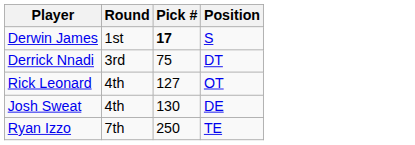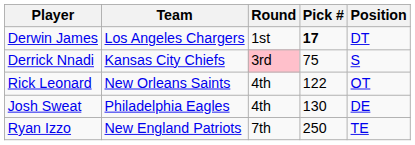 <table class="wikitable">
 <tr>
 <th>Player</th>
+<th>Team</th>
 <th>Round</th>
 <th>Pick #</th>
 <th>Position</th>
 </tr>
 <tr>
 <td><a href='#'>Derwin James</a></td>
+<td><a href='#'>Los Angeles Chargers</a></td>
 <td>1st</td>
 <td><strong>17</strong></td>
+<td><a href='#'>DT</a></td>
+</tr>
+<tr>
+<td><a href='#'>Derrick Nnadi</a></td>
+<td><a href='#'>Kansas City Chiefs</a></td>
+<td style="background: pink;">3rd</td>
+<td>75</td>
 <td><a href='#'>S</a></td>
 </tr>
 <tr>
-<td><a href='#'>Derrick Nnadi</a></td>
-<td>3rd</td>
-<td>75</td>
-<td><a href='#'>DT</a></td>
-</tr>
-<tr>
 <td><a href='#'>Rick Leonard</a></td>
+<td><a href='#'>New Orleans Saints</a></td>
 <td>4th</td>
-<td>127</td>
+<td>122</td>
 <td><a href='#'>OT</a></td>
 </tr>
 <tr>
 <td><a href='#'>Josh Sweat</a></td>
+<td><a href='#'>Philadelphia Eagles</a></td>
 <td>4th</td>
 <td>130</td>
 <td><a href='#'>DE</a></td>
 </tr>
 <tr>
 <td><a href='#'>Ryan Izzo</a></td>
+<td><a href='#'>New England Patriots</a></td>
 <td>7th</td>
 <td>250</td>
 <td><a href='#'>TE</a></td>
 </tr>
 </table>
